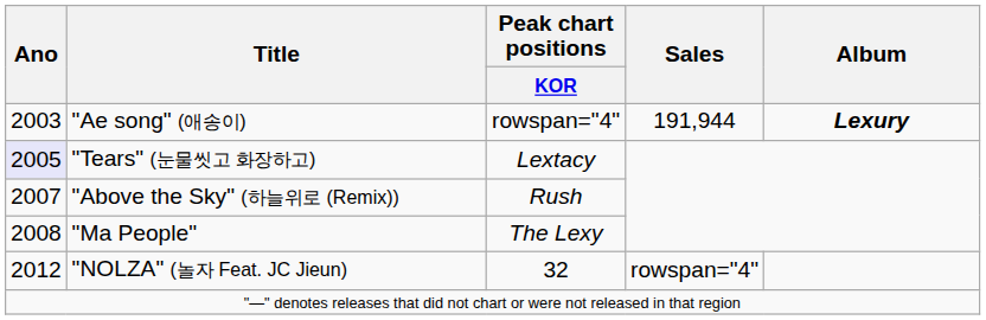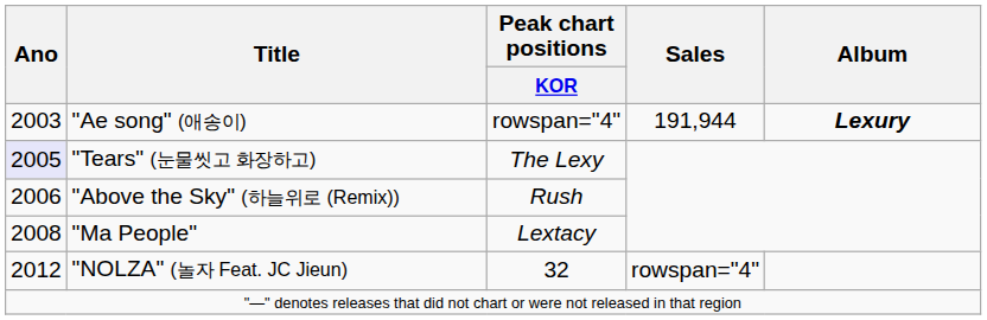 <table class="wikitable" style="text-align:center;">
 <tr>
 <th rowspan="2">Ano</th>
 <th rowspan="2" style="width:18em;">Title</th>
 <th scope="col" colspan="1">Peak chart <br>positions</th>
 <th scope="col" rowspan="2">Sales</th>
 <th rowspan="2" style="width:9em;">Album</th>
 </tr>
 <tr>
 <th><small><a href='#'>KOR</a><br></small></th>
 </tr>
 <tr>
 <td>2003</td>
 <td align="left">"Ae song" <small>(애송이)</small></td>
 <td>rowspan="4" </td>
 <td>191,944 </td>
 <td><strong><em>Lexury</em></strong></td>
 </tr>
 <tr>
 <td style="background: lavender;">2005</td>
 <td align="left">"Tears" <small>(눈물씻고 화장하고)</small></td>
-<td><em>Lextacy</em></td>
+<td><em>The Lexy</em></td>
 </tr>
 <tr>
-<td>2007</td>
+<td>2006</td>
 <td align="left">"Above the Sky" <small>(하늘위로 (Remix))</small></td>
 <td><em>Rush</em></td>
 </tr>
 <tr>
 <td>2008</td>
 <td align="left">"Ma People"</td>
-<td><em>The Lexy</em></td>
+<td><em>Lextacy</em></td>
 </tr>
 <tr>
 <td>2012</td>
 <td align="left">"NOLZA" <small>(놀자 Feat. JC Jieun)</small></td>
 <td>32</td>
 <td>rowspan="4" </td>
 <td></td>
 </tr>
 <tr>
 <td colspan="14" style="font-size:8pt">"—" denotes releases that did not chart or were not released in that region</td>
 </tr>
 </table>
